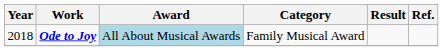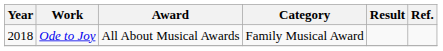 <table class="wikitable sortable plainrowheaders">
 <tr>
 <th>Year</th>
 <th>Work</th>
 <th>Award</th>
 <th>Category</th>
 <th>Result</th>
 <th>Ref.</th>
 </tr>
 <tr>
 <td>2018</td>
-<td><strong><em><a href='#'>Ode to Joy</a></em></strong></td>
-<td style="background: lightblue;">All About Musical Awards</td>
+<td><em><a href='#'>Ode to Joy</a></em></td>
+<td>All About Musical Awards</td>
 <td>Family Musical Award</td>
 <td></td>
 <td></td>
 </tr>
 <tr>
 </tr>
 </table>
